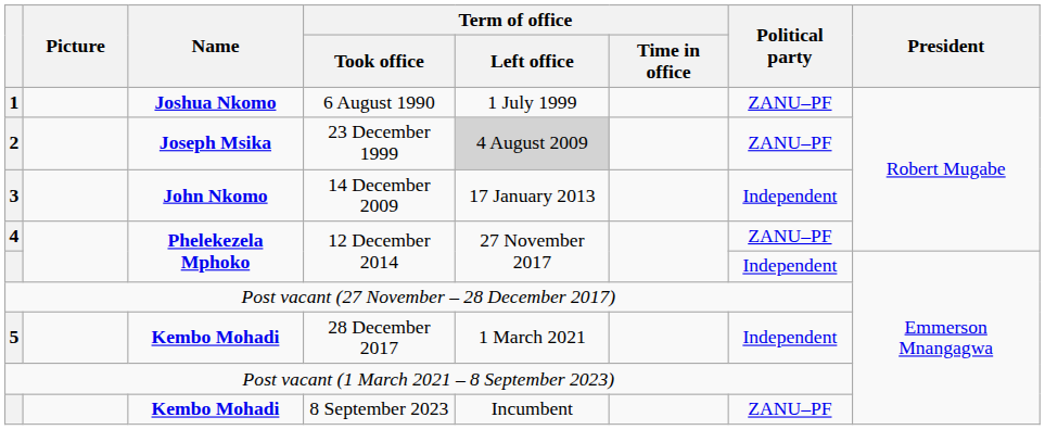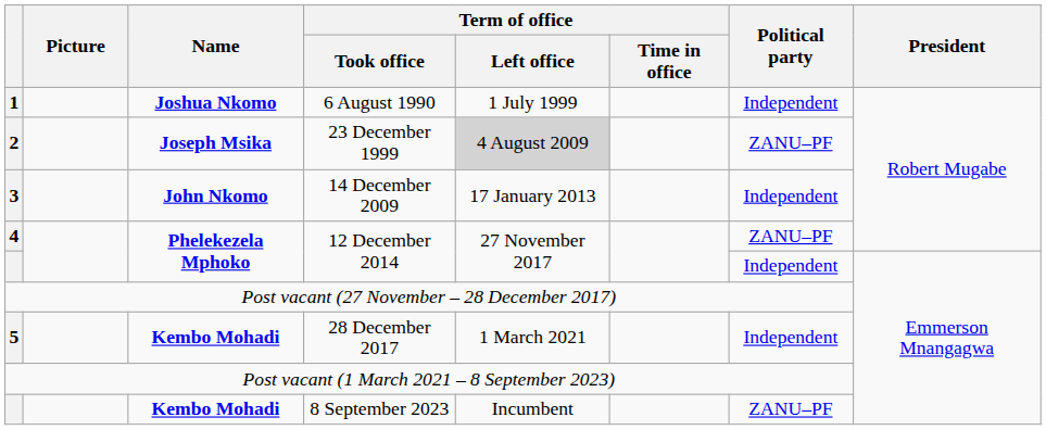 <table class="wikitable" style="text-align:center">
 <tr>
 <th rowspan=2></th>
 <th rowspan=2 style="width:80px;">Picture</th>
 <th rowspan=2>Name<br></th>
 <th colspan=3>Term of office</th>
 <th rowspan=2>Political party</th>
 <th rowspan=2>President</th>
 </tr>
 <tr>
 <th>Took office</th>
 <th>Left office</th>
 <th>Time in office</th>
 </tr>
 <tr>
 <th style="background:">1</th>
 <td></td>
 <td><strong><a href='#'>Joshua Nkomo</a></strong><br></td>
 <td>6 August 1990</td>
 <td>1 July 1999</td>
 <td></td>
-<td><a href='#'>ZANU–PF</a></td>
+<td><a href='#'>Independent</a></td>
 <td rowspan=4><a href='#'>Robert Mugabe</a><br></td>
 </tr>
 <tr>
 <th style="background:">2</th>
 <td></td>
 <td><strong><a href='#'>Joseph Msika</a></strong><br></td>
 <td>23 December 1999</td>
 <td style="background: lightgrey;">4 August 2009</td>
 <td></td>
 <td><a href='#'>ZANU–PF</a></td>
 </tr>
 <tr>
 <th style="background:">3</th>
 <td></td>
 <td><strong><a href='#'>John Nkomo</a></strong><br></td>
 <td>14 December 2009</td>
 <td>17 January 2013</td>
 <td></td>
 <td><a href='#'>Independent</a></td>
 </tr>
 <tr>
 <th style="background:">4</th>
 <td rowspan=2></td>
 <td rowspan=2><strong><a href='#'>Phelekezela Mphoko</a></strong><br></td>
 <td rowspan=2>12 December 2014</td>
 <td rowspan=2>27 November 2017</td>
 <td rowspan=2></td>
 <td><a href='#'>ZANU–PF</a></td>
 </tr>
 <tr>
 <th style="background:"></th>
 <td><a href='#'>Independent</a></td>
 <td rowspan=5><a href='#'>Emmerson Mnangagwa</a><br></td>
 </tr>
 <tr>
 <td colspan=7><em>Post vacant (27 November – 28 December 2017)</em></td>
 </tr>
 <tr>
 <th style="background:">5</th>
 <td></td>
 <td><strong><a href='#'>Kembo Mohadi</a></strong><br></td>
 <td>28 December 2017</td>
 <td>1 March 2021</td>
 <td></td>
 <td><a href='#'>Independent</a></td>
 </tr>
 <tr>
 <td colspan=7><em>Post vacant (1 March 2021 – 8 September 2023)</em></td>
 </tr>
 <tr>
 <th style="background:"></th>
 <td></td>
 <td><strong><a href='#'>Kembo Mohadi</a></strong><br></td>
 <td>8 September 2023</td>
 <td>Incumbent</td>
 <td></td>
 <td><a href='#'>ZANU–PF</a></td>
 </tr>
 </table>
